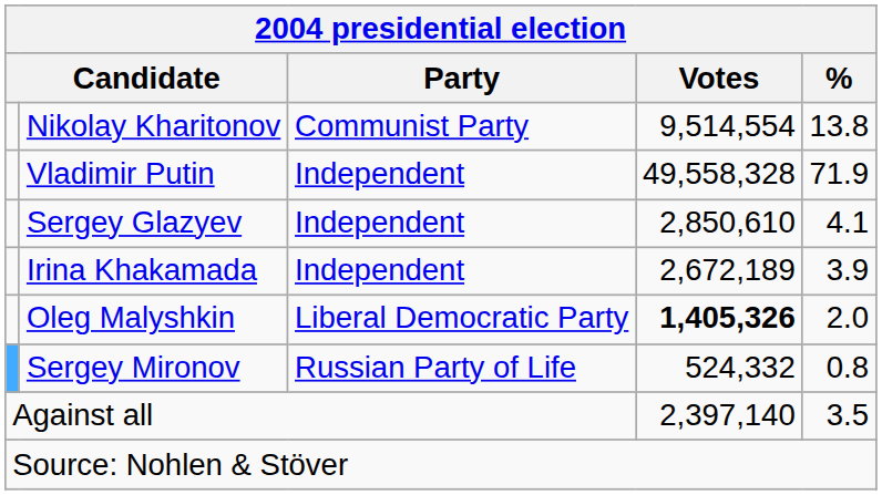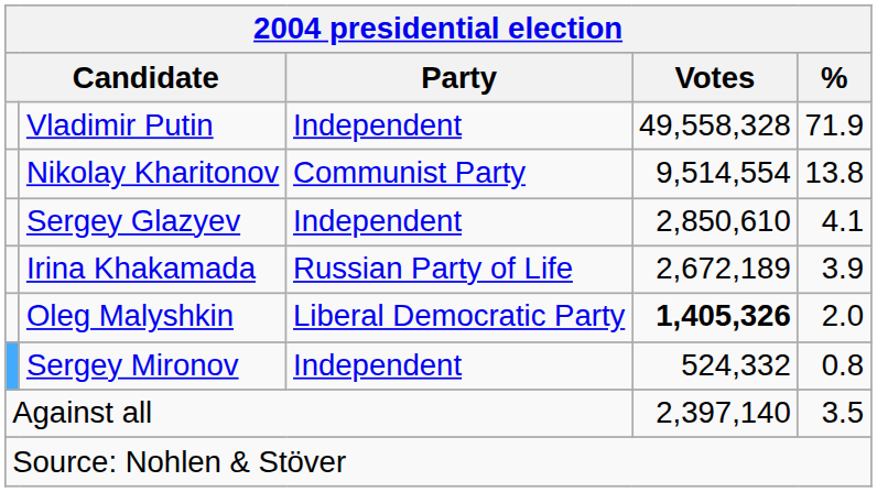 <table class=wikitable style=text-align:right>
 <tr>
 <th colspan=5><a href='#'>2004 presidential election</a></th>
 </tr>
 <tr>
 <th colspan=2>Candidate</th>
 <th>Party</th>
 <th>Votes</th>
 <th>%</th>
 </tr>
 <tr>
 <td style="background-color: "></td>
+<td align=left><a href='#'>Vladimir Putin</a></td>
+<td align=left><a href='#'>Independent</a></td>
+<td>49,558,328</td>
+<td>71.9</td>
+</tr>
+<tr>
+<td style="background-color: "></td>
 <td align=left><a href='#'>Nikolay Kharitonov</a></td>
 <td align=left><a href='#'>Communist Party</a></td>
 <td>9,514,554</td>
 <td>13.8</td>
-</tr>
-<tr>
-<td style="background-color: "></td>
-<td align=left><a href='#'>Vladimir Putin</a></td>
-<td align=left><a href='#'>Independent</a></td>
-<td>49,558,328</td>
-<td>71.9</td>
 </tr>
 <tr>
 <td style="background-color: "></td>
 <td align=left><a href='#'>Sergey Glazyev</a></td>
 <td align=left><a href='#'>Independent</a></td>
 <td>2,850,610</td>
 <td>4.1</td>
 </tr>
 <tr>
 <td style="background-color: "></td>
 <td align=left><a href='#'>Irina Khakamada</a></td>
-<td align=left><a href='#'>Independent</a></td>
+<td align=left><a href='#'>Russian Party of Life</a></td>
 <td>2,672,189</td>
 <td>3.9</td>
 </tr>
 <tr>
 <td style="background-color: "></td>
 <td align=left><a href='#'>Oleg Malyshkin</a></td>
 <td align=left><a href='#'>Liberal Democratic Party</a></td>
 <td><strong>1,405,326</strong></td>
 <td>2.0</td>
 </tr>
 <tr>
 <td style="background-color: #42aaff"></td>
 <td align=left><a href='#'>Sergey Mironov</a></td>
-<td align=left><a href='#'>Russian Party of Life</a></td>
+<td align=left><a href='#'>Independent</a></td>
 <td>524,332</td>
 <td>0.8</td>
 </tr>
 <tr>
 <td align=left colspan=3>Against all</td>
 <td>2,397,140</td>
 <td>3.5</td>
 </tr>
 <tr>
 <td align=left colspan=5>Source: Nohlen & Stöver</td>
 </tr>
 </table>
